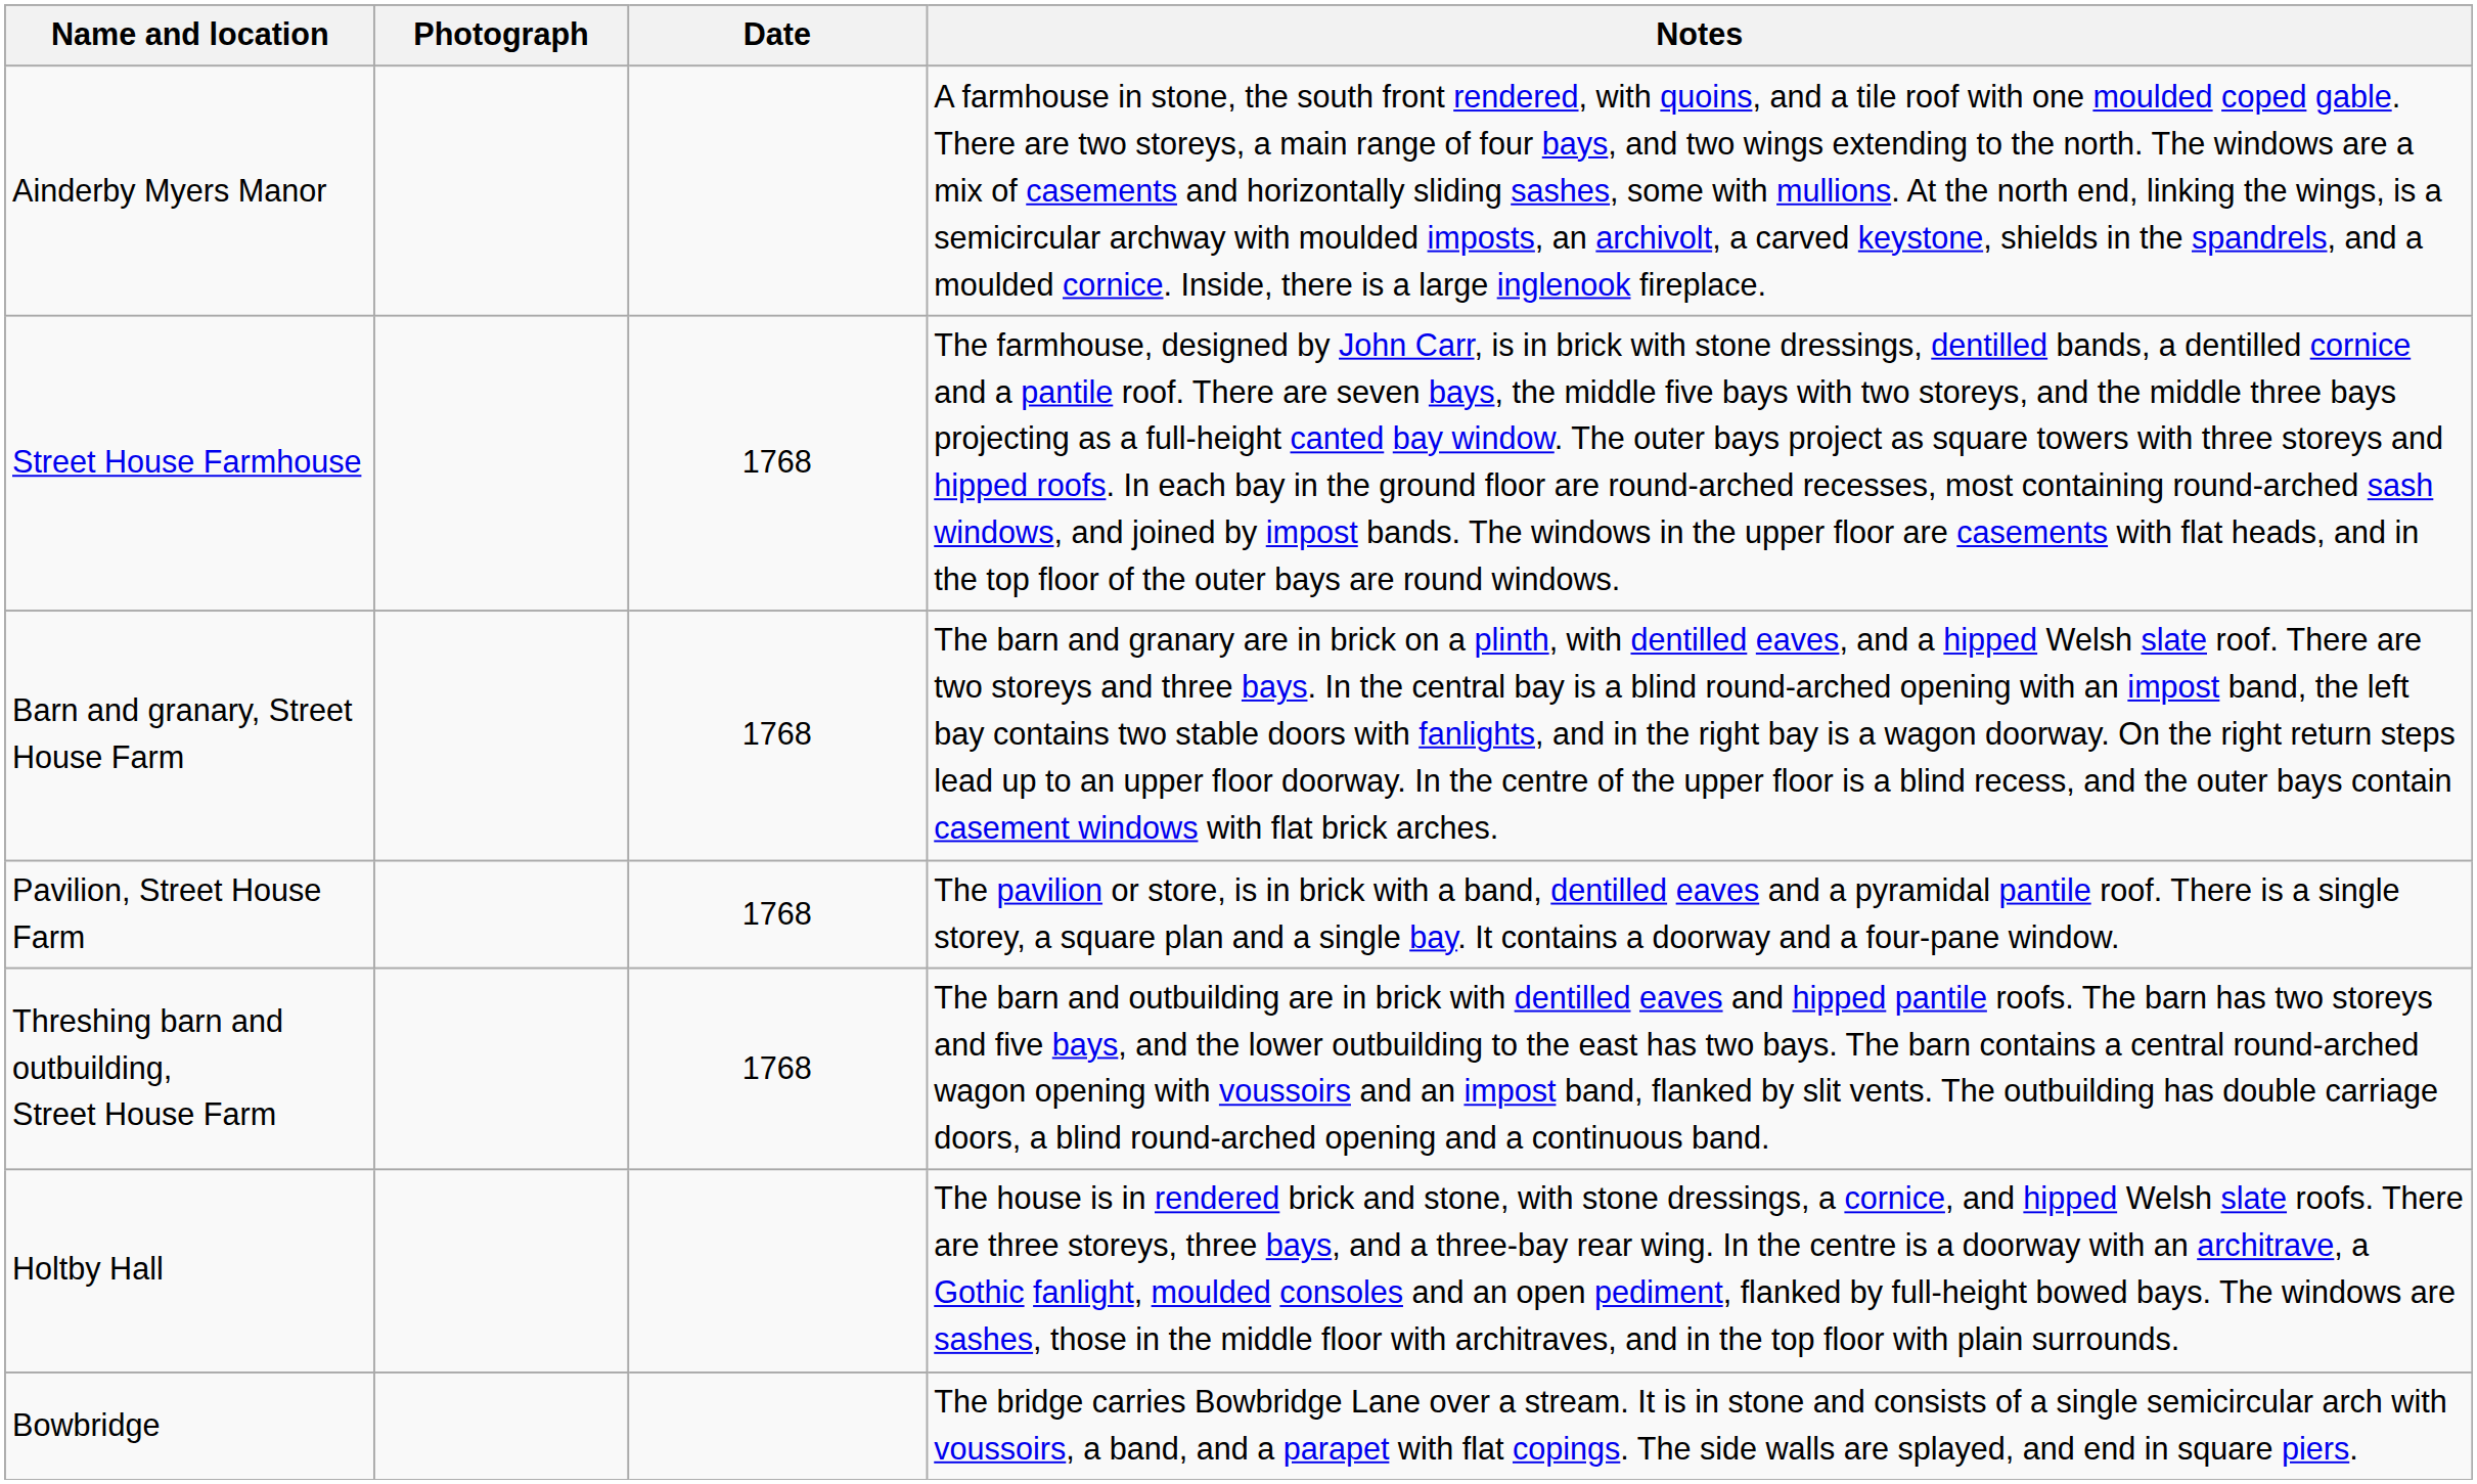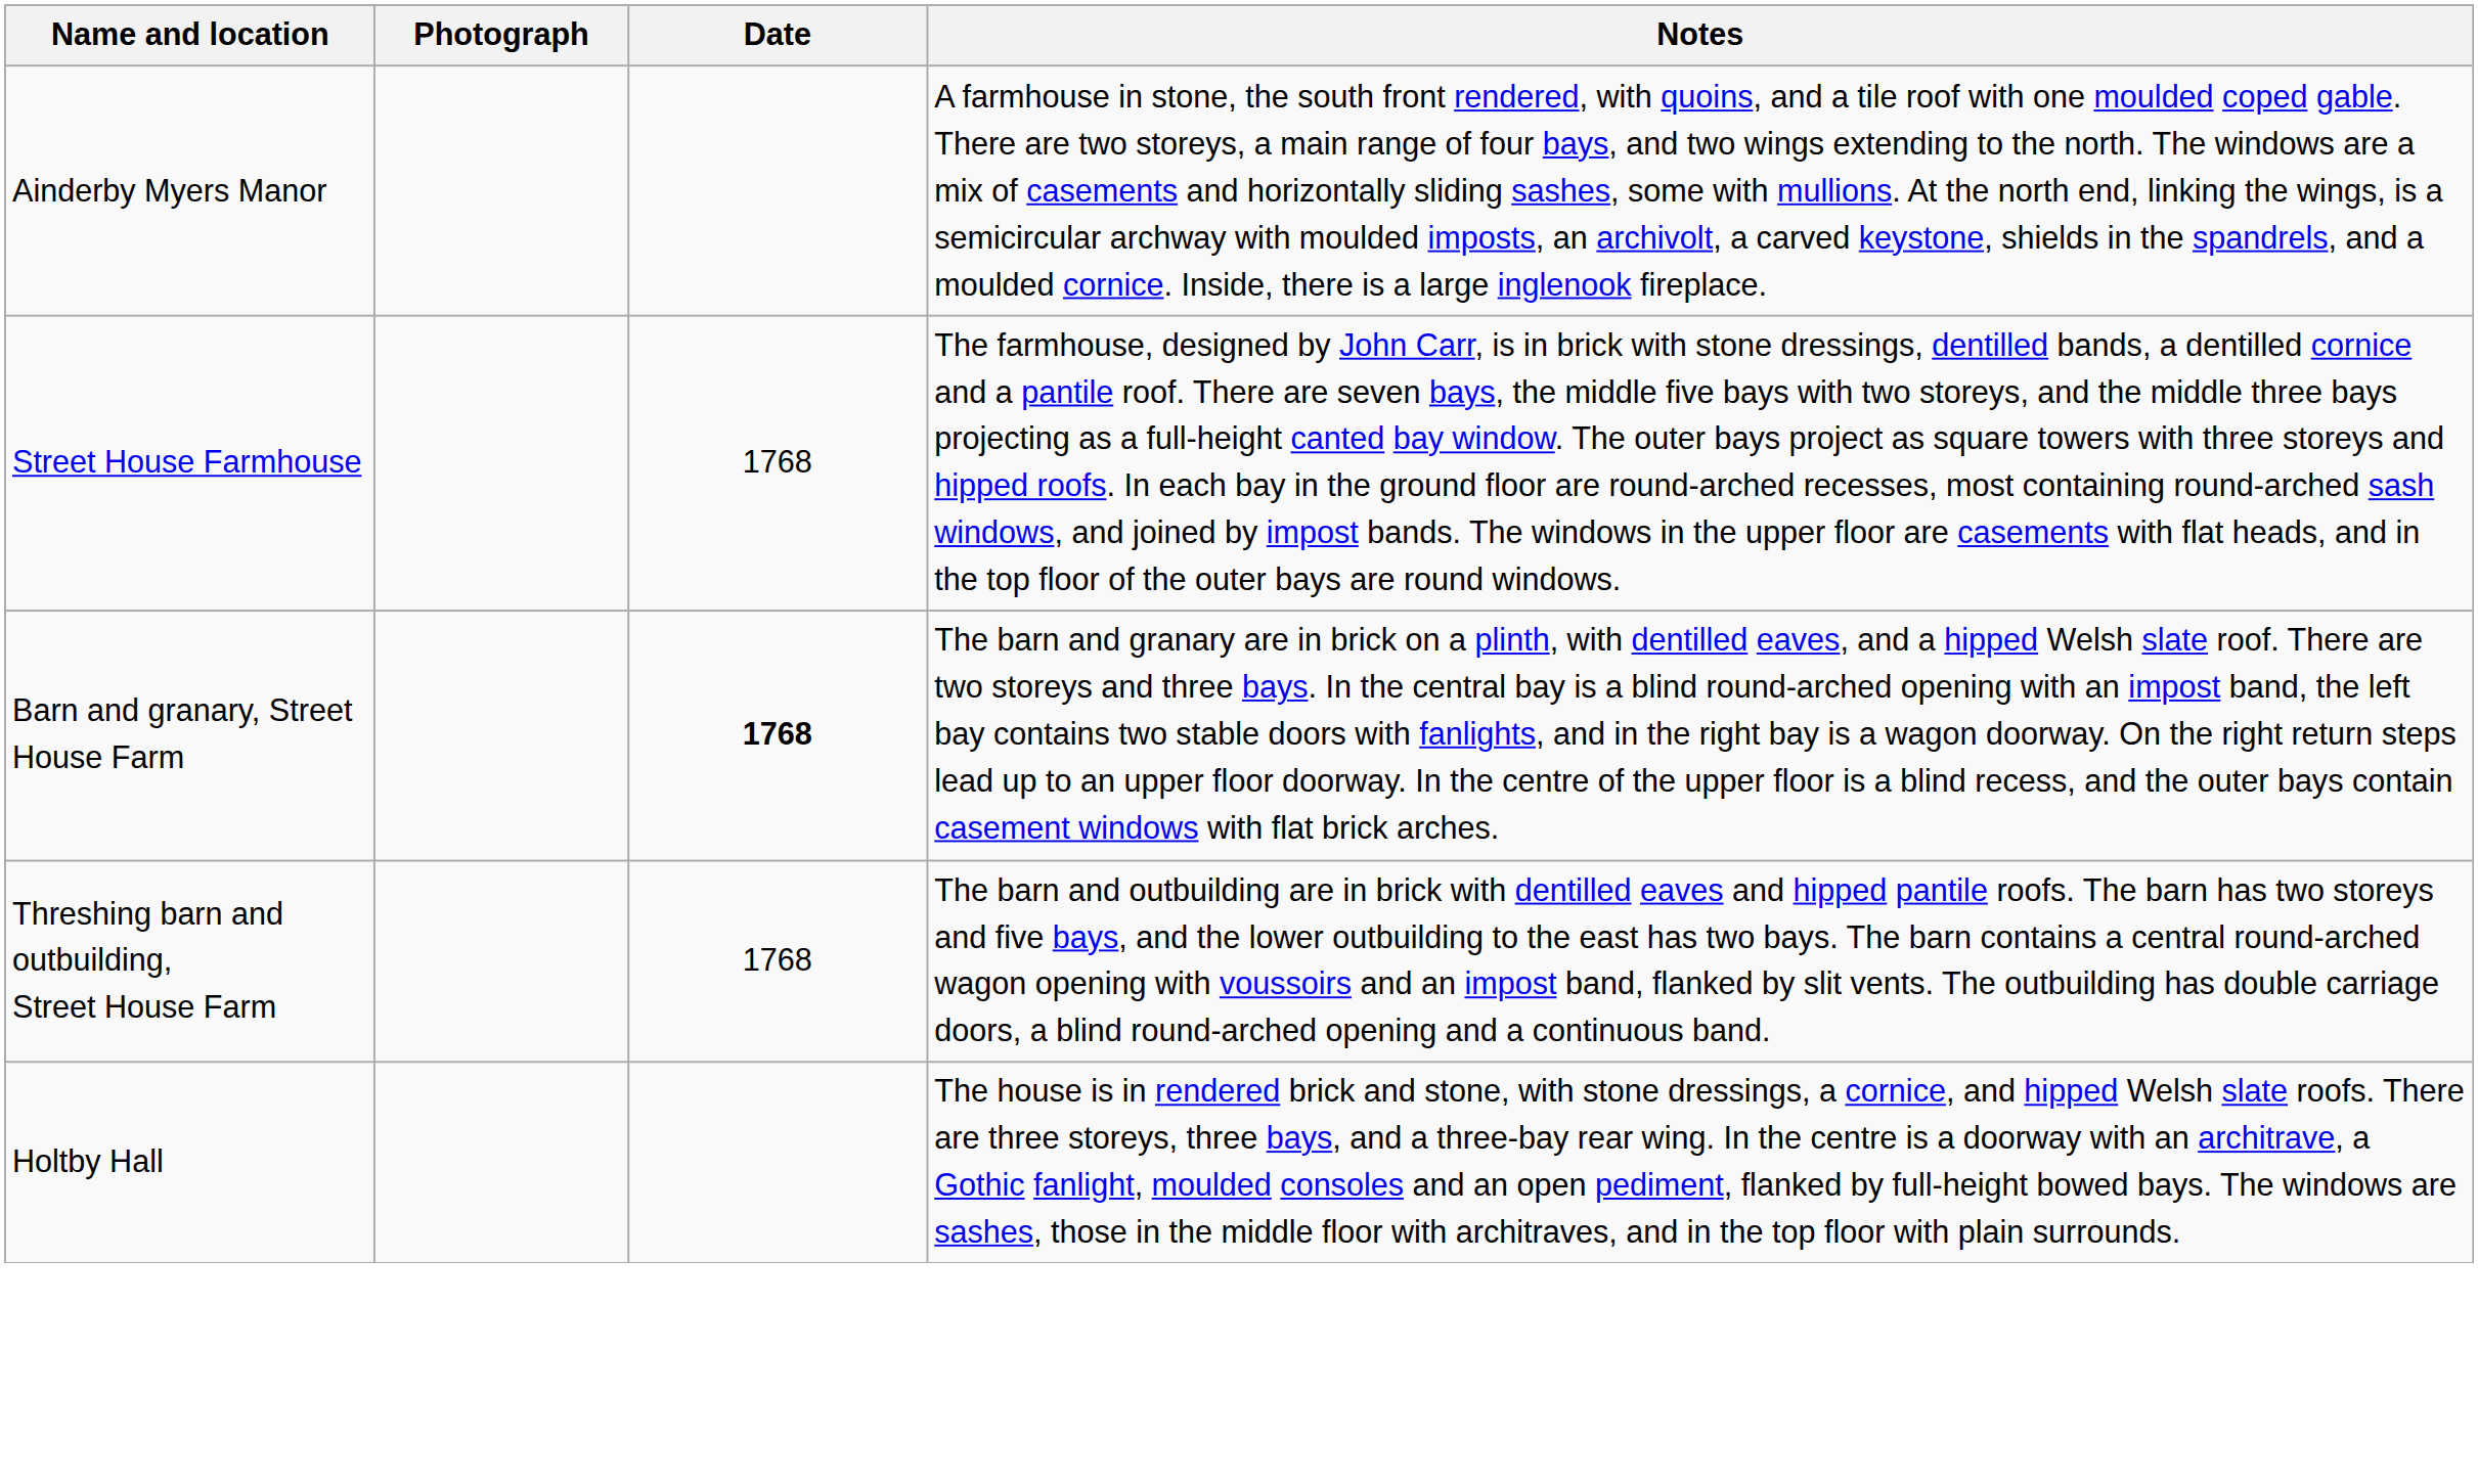 <table class="wikitable sortable plainrowheaders" style="width:100%;border:0px;text-align:left;line-height:150%;">
 <tr>
 <th scope="col"  style="width:150px">Name and location</th>
 <th scope="col"  style="width:100px" class="unsortable">Photograph</th>
 <th scope="col"  style="width:120px">Date</th>
 <th scope="col"  style="width:650px" class="unsortable">Notes</th>
 </tr>
 <tr>
 <td>Ainderby Myers Manor<br><small></small></td>
 <td></td>
 <td align="center"></td>
 <td>A farmhouse in stone, the south front <a href='#'>rendered</a>, with <a href='#'>quoins</a>, and a tile roof with one <a href='#'>moulded</a> <a href='#'>coped</a> <a href='#'>gable</a>. There are two storeys, a main range of four <a href='#'>bays</a>, and two wings extending to the north. The windows are a mix of <a href='#'>casements</a> and horizontally sliding <a href='#'>sashes</a>, some with <a href='#'>mullions</a>. At the north end, linking the wings, is a semicircular archway with moulded <a href='#'>imposts</a>, an <a href='#'>archivolt</a>, a carved <a href='#'>keystone</a>, shields in the <a href='#'>spandrels</a>, and a moulded <a href='#'>cornice</a>. Inside, there is a large <a href='#'>inglenook</a> fireplace.</td>
 </tr>
 <tr>
 <td><a href='#'>Street House Farmhouse</a><br><small></small></td>
 <td></td>
 <td align="center">1768</td>
 <td>The farmhouse, designed by <a href='#'>John Carr</a>, is in brick with stone dressings, <a href='#'>dentilled</a> bands, a dentilled <a href='#'>cornice</a> and a <a href='#'>pantile</a> roof. There are seven <a href='#'>bays</a>, the middle five bays with two storeys, and the middle three bays projecting as a full-height <a href='#'>canted</a> <a href='#'>bay window</a>. The outer bays project as square towers with three storeys and <a href='#'>hipped roofs</a>. In each bay in the ground floor are round-arched recesses, most containing round-arched <a href='#'>sash windows</a>, and joined by <a href='#'>impost</a> bands. The windows in the upper floor are <a href='#'>casements</a> with flat heads, and in the top floor of the outer bays are round windows.</td>
 </tr>
 <tr>
 <td>Barn and granary, Street House Farm<br><small></small></td>
 <td></td>
-<td align="center">1768</td>
+<td align="center"><strong>1768</strong></td>
 <td>The barn and granary are in brick on a <a href='#'>plinth</a>, with <a href='#'>dentilled</a> <a href='#'>eaves</a>, and a <a href='#'>hipped</a> Welsh <a href='#'>slate</a> roof. There are two storeys and three <a href='#'>bays</a>. In the central bay is a blind round-arched opening with an <a href='#'>impost</a> band, the left bay contains two stable doors with <a href='#'>fanlights</a>, and in the right bay is a wagon doorway. On the right return steps lead up to an upper floor doorway. In the centre of the upper floor is a blind recess, and the outer bays contain <a href='#'>casement windows</a> with flat brick arches.</td>
-</tr>
-<tr>
-<td>Pavilion, Street House Farm<br><small></small></td>
-<td></td>
-<td align="center">1768</td>
-<td>The <a href='#'>pavilion</a> or store, is in brick with a band, <a href='#'>dentilled</a> <a href='#'>eaves</a> and a pyramidal <a href='#'>pantile</a> roof. There is a single storey, a square plan and a single <a href='#'>bay</a>. It contains a doorway and a four-pane window.</td>
 </tr>
 <tr>
 <td>Threshing barn and outbuilding,<br>Street House Farm<br><small></small></td>
 <td></td>
 <td align="center">1768</td>
 <td>The barn and outbuilding are in brick with <a href='#'>dentilled</a> <a href='#'>eaves</a> and <a href='#'>hipped</a> <a href='#'>pantile</a> roofs. The barn has two storeys and five <a href='#'>bays</a>, and the lower outbuilding to the east has two bays. The barn contains a central round-arched wagon opening with <a href='#'>voussoirs</a> and an <a href='#'>impost</a> band, flanked by slit vents. The outbuilding has double carriage doors, a blind round-arched opening and a continuous band.</td>
 </tr>
 <tr>
 <td>Holtby Hall<br><small></small></td>
 <td></td>
 <td align="center"></td>
 <td>The house is in <a href='#'>rendered</a> brick and stone, with stone dressings, a <a href='#'>cornice</a>, and <a href='#'>hipped</a> Welsh <a href='#'>slate</a> roofs. There are three storeys, three <a href='#'>bays</a>, and a three-bay rear wing. In the centre is a doorway with an <a href='#'>architrave</a>, a <a href='#'>Gothic</a> <a href='#'>fanlight</a>, <a href='#'>moulded</a> <a href='#'>consoles</a> and an open <a href='#'>pediment</a>, flanked by full-height bowed bays. The windows are <a href='#'>sashes</a>, those in the middle floor with architraves, and in the top floor with plain surrounds.</td>
 </tr>
 <tr>
-<td>Bowbridge<br><small></small></td>
-<td></td>
-<td align="center"></td>
-<td>The bridge carries Bowbridge Lane over a stream. It is in stone and consists of a single semicircular arch with <a href='#'>voussoirs</a>, a band, and a <a href='#'>parapet</a> with flat <a href='#'>copings</a>. The side walls are splayed, and end in square <a href='#'>piers</a>.</td>
-</tr>
-<tr>
 </tr>
 </table>
